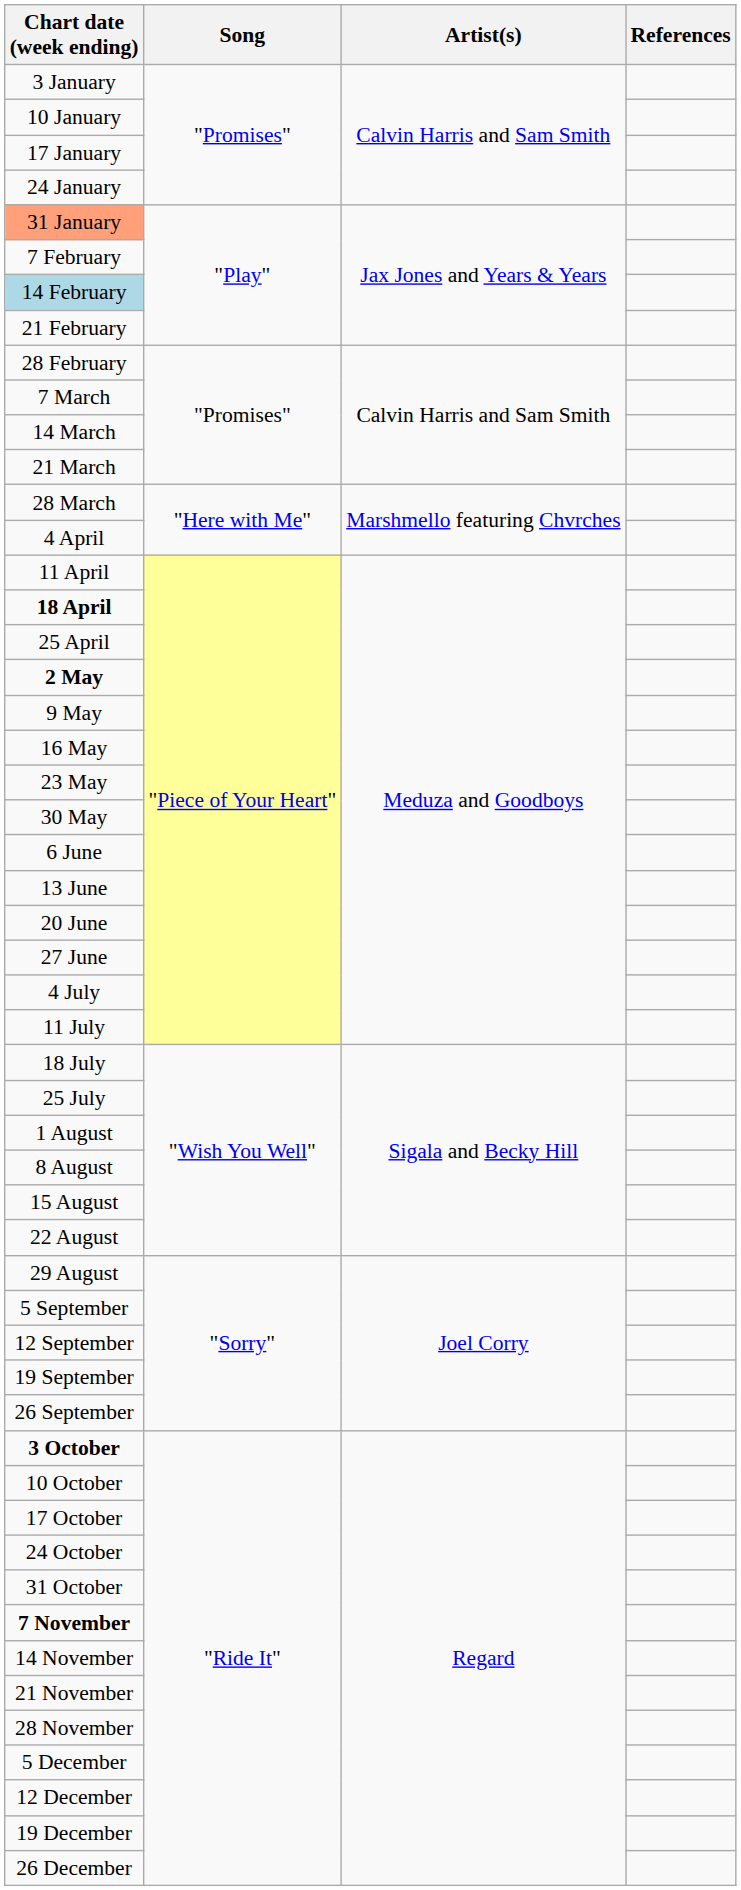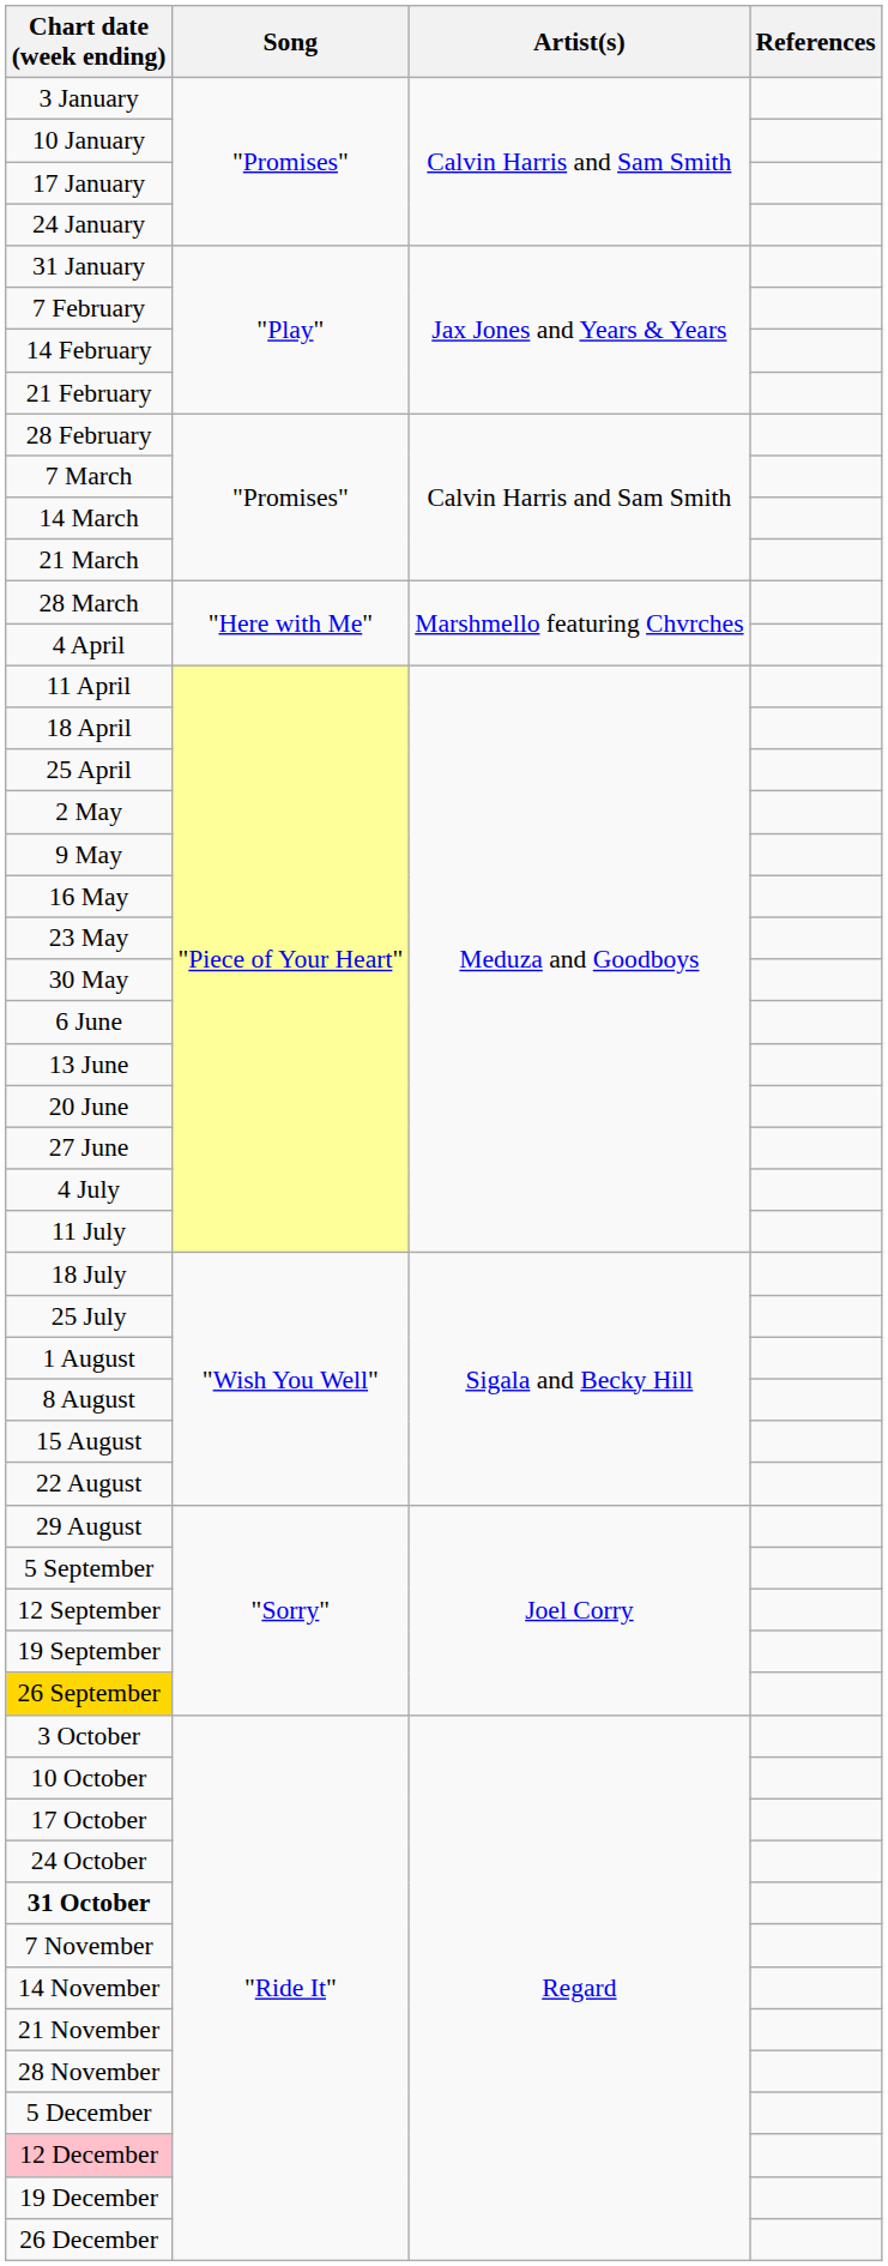 <table class="wikitable" style="font-size:97%; text-align:center;">
 <tr>
 <th>Chart date<br>(week ending)</th>
 <th>Song</th>
 <th>Artist(s)</th>
 <th>References</th>
 </tr>
 <tr>
 <td>3 January</td>
 <td rowspan="4">"<a href='#'>Promises</a>"</td>
 <td rowspan="4"><a href='#'>Calvin Harris</a> and <a href='#'>Sam Smith</a></td>
 <td></td>
 </tr>
 <tr>
 <td>10 January</td>
 <td></td>
 </tr>
 <tr>
 <td>17 January</td>
 <td></td>
 </tr>
 <tr>
 <td>24 January</td>
 <td></td>
 </tr>
 <tr>
-<td style="background: lightsalmon;">31 January</td>
+<td>31 January</td>
 <td rowspan="4">"<a href='#'>Play</a>"</td>
 <td rowspan="4"><a href='#'>Jax Jones</a> and <a href='#'>Years & Years</a></td>
 <td></td>
 </tr>
 <tr>
 <td>7 February</td>
 <td></td>
 </tr>
 <tr>
-<td style="background: lightblue;">14 February</td>
+<td>14 February</td>
 <td></td>
 </tr>
 <tr>
 <td>21 February</td>
 <td></td>
 </tr>
 <tr>
 <td>28 February</td>
 <td rowspan="4">"Promises"</td>
 <td rowspan="4">Calvin Harris and Sam Smith</td>
 <td></td>
 </tr>
 <tr>
 <td>7 March</td>
 <td></td>
 </tr>
 <tr>
 <td>14 March</td>
 <td></td>
 </tr>
 <tr>
 <td>21 March</td>
 <td></td>
 </tr>
 <tr>
 <td>28 March</td>
 <td rowspan="2">"<a href='#'>Here with Me</a>"</td>
 <td rowspan="2"><a href='#'>Marshmello</a> featuring <a href='#'>Chvrches</a></td>
 <td></td>
 </tr>
 <tr>
 <td>4 April</td>
 <td></td>
 </tr>
 <tr>
 <td>11 April</td>
 <td bgcolor=#FFFF99 rowspan="14">"<a href='#'>Piece of Your Heart</a>" </td>
 <td rowspan="14"><a href='#'>Meduza</a> and <a href='#'>Goodboys</a></td>
 <td></td>
 </tr>
 <tr>
-<td><strong>18 April</strong></td>
+<td>18 April</td>
 <td></td>
 </tr>
 <tr>
 <td>25 April</td>
 <td></td>
 </tr>
 <tr>
-<td><strong>2 May</strong></td>
+<td>2 May</td>
 <td></td>
 </tr>
 <tr>
 <td>9 May</td>
 <td></td>
 </tr>
 <tr>
 <td>16 May</td>
 <td></td>
 </tr>
 <tr>
 <td>23 May</td>
 <td></td>
 </tr>
 <tr>
 <td>30 May</td>
 <td></td>
 </tr>
 <tr>
 <td>6 June</td>
 <td></td>
 </tr>
 <tr>
 <td>13 June</td>
 <td></td>
 </tr>
 <tr>
 <td>20 June</td>
 <td></td>
 </tr>
 <tr>
 <td>27 June</td>
 <td></td>
 </tr>
 <tr>
 <td>4 July</td>
 <td></td>
 </tr>
 <tr>
 <td>11 July</td>
 <td></td>
 </tr>
 <tr>
 <td>18 July</td>
 <td rowspan="6">"<a href='#'>Wish You Well</a>"</td>
 <td rowspan="6"><a href='#'>Sigala</a> and <a href='#'>Becky Hill</a></td>
 <td></td>
 </tr>
 <tr>
 <td>25 July</td>
 <td></td>
 </tr>
 <tr>
 <td>1 August</td>
 <td></td>
 </tr>
 <tr>
 <td>8 August</td>
 <td></td>
 </tr>
 <tr>
 <td>15 August</td>
 <td></td>
 </tr>
 <tr>
 <td>22 August</td>
 <td></td>
 </tr>
 <tr>
 <td>29 August</td>
 <td rowspan="5">"<a href='#'>Sorry</a>"</td>
 <td rowspan="5"><a href='#'>Joel Corry</a></td>
 <td></td>
 </tr>
 <tr>
 <td>5 September</td>
 <td></td>
 </tr>
 <tr>
 <td>12 September</td>
 <td></td>
 </tr>
 <tr>
 <td>19 September</td>
 <td></td>
 </tr>
 <tr>
-<td>26 September</td>
+<td style="background: gold;">26 September</td>
 <td></td>
 </tr>
 <tr>
-<td><strong>3 October</strong></td>
+<td>3 October</td>
 <td rowspan="13">"<a href='#'>Ride It</a>"</td>
 <td rowspan="13"><a href='#'>Regard</a></td>
 <td></td>
 </tr>
 <tr>
 <td>10 October</td>
 <td></td>
 </tr>
 <tr>
 <td>17 October</td>
 <td></td>
 </tr>
 <tr>
 <td>24 October</td>
 <td></td>
 </tr>
 <tr>
-<td>31 October</td>
+<td><strong>31 October</strong></td>
 <td></td>
 </tr>
 <tr>
-<td><strong>7 November</strong></td>
+<td>7 November</td>
 <td></td>
 </tr>
 <tr>
 <td>14 November</td>
 <td></td>
 </tr>
 <tr>
 <td>21 November</td>
 <td></td>
 </tr>
 <tr>
 <td>28 November</td>
 <td></td>
 </tr>
 <tr>
 <td>5 December</td>
 <td></td>
 </tr>
 <tr>
-<td>12 December</td>
+<td style="background: pink;">12 December</td>
 <td></td>
 </tr>
 <tr>
 <td>19 December</td>
 <td></td>
 </tr>
 <tr>
 <td>26 December</td>
 <td></td>
 </tr>
 </table>
